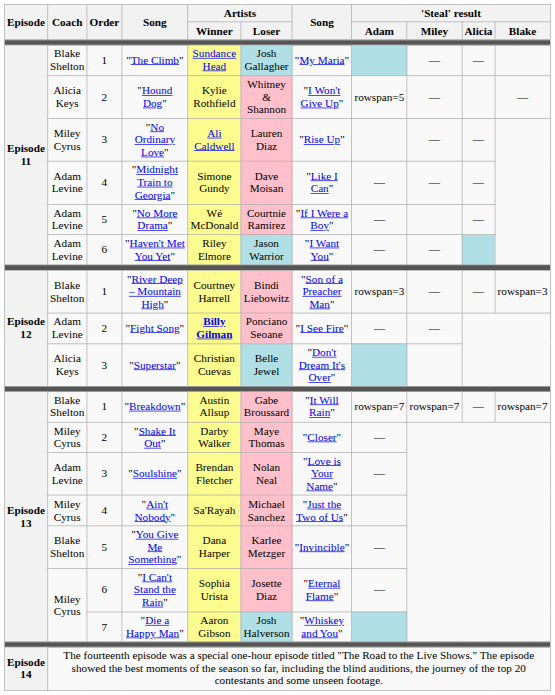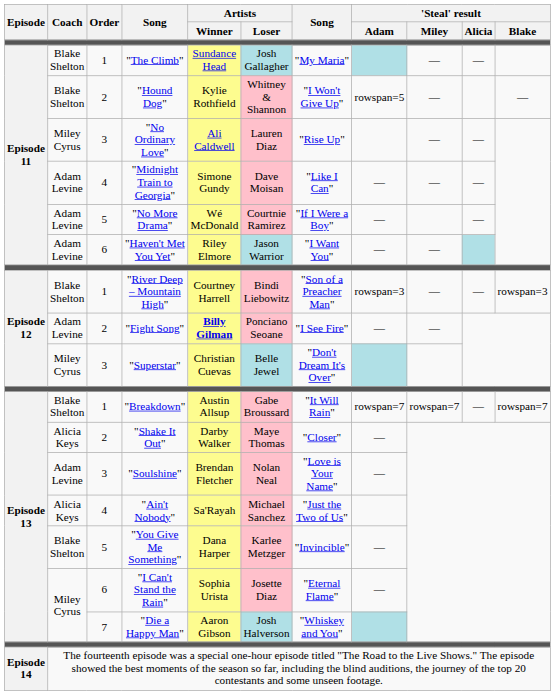 <table class="wikitable" style="text-align: center; width:100%;">
 <tr>
 <th rowspan="2" style="width:13%;">Episode</th>
 <th rowspan="2" style="width:14%;">Coach</th>
 <th rowspan="2" style="width:05%;">Order</th>
 <th rowspan="2" style="width:18%;">Song</th>
 <th colspan="2" style="width:22%;">Artists</th>
 <th rowspan="2" style="width:19%;">Song</th>
 <th colspan="4" style="width:20%;">'Steal' result</th>
 </tr>
 <tr>
 <th style="width:12%;">Winner</th>
 <th style="width:12%;">Loser</th>
 <th style="width:05%;">Adam</th>
 <th style="width:05%;">Miley</th>
 <th style="width:05%;">Alicia</th>
 <th style="width:05%;">Blake</th>
 </tr>
 <tr>
 <td colspan="11" style="background:#555;"></td>
 </tr>
 <tr>
 <th rowspan="6">Episode 11 <br><small></small></th>
 <td>Blake Shelton</td>
 <td>1</td>
 <td>"<a href='#'>The Climb</a>"</td>
 <td style="background:#fdfc8f;"><a href='#'>Sundance Head</a></td>
 <td style="background:#B0E0E6;">Josh Gallagher</td>
 <td>"<a href='#'>My Maria</a>"</td>
 <td style="background:#B0E0E6;"><strong></strong></td>
 <td>—</td>
 <td>—</td>
 <td></td>
 </tr>
 <tr>
-<td>Alicia Keys</td>
+<td>Blake Shelton</td>
 <td>2</td>
 <td>"<a href='#'>Hound Dog</a>"</td>
 <td style="background:#fdfc8f;">Kylie Rothfield</td>
 <td style="background:pink;">Whitney & Shannon</td>
 <td>"<a href='#'>I Won't Give Up</a>"</td>
 <td>rowspan=5 </td>
 <td>—</td>
 <td></td>
 <td>—</td>
 </tr>
 <tr>
 <td>Miley Cyrus</td>
 <td>3</td>
 <td>"<a href='#'>No Ordinary Love</a>"</td>
 <td style="background:#fdfc8f;"><a href='#'>Ali Caldwell</a></td>
 <td style="background:pink;">Lauren Diaz</td>
 <td>"<a href='#'>Rise Up</a>"</td>
 <td></td>
 <td>—</td>
 <td>—</td>
 </tr>
 <tr>
 <td>Adam Levine</td>
 <td>4</td>
 <td>"<a href='#'>Midnight Train to Georgia</a>"</td>
 <td style="background:#fdfc8f;">Simone Gundy</td>
 <td style="background:pink;">Dave Moisan</td>
 <td>"<a href='#'>Like I Can</a>"</td>
 <td>—</td>
 <td>—</td>
 <td>—</td>
 </tr>
 <tr>
 <td>Adam Levine</td>
 <td>5</td>
 <td>"<a href='#'>No More Drama</a>"</td>
 <td style="background:#fdfc8f;">Wé McDonald</td>
 <td style="background:pink;">Courtnie Ramirez</td>
 <td>"<a href='#'>If I Were a Boy</a>"</td>
 <td>—</td>
 <td></td>
 <td>—</td>
 </tr>
 <tr>
 <td>Adam Levine</td>
 <td>6</td>
 <td>"<a href='#'>Haven't Met You Yet</a>"</td>
 <td style="background:#fdfc8f;">Riley Elmore</td>
 <td style="background:#B0E0E6;">Jason Warrior</td>
 <td>"<a href='#'>I Want You</a>"</td>
 <td>—</td>
 <td>—</td>
 <td style="background:#B0E0E6;"><strong></strong></td>
 </tr>
 <tr>
 <td colspan="11" style="background:#555;"></td>
 </tr>
 <tr>
 <th rowspan="3">Episode 12 <br><small></small></th>
 <td>Blake Shelton</td>
 <td>1</td>
 <td>"<a href='#'>River Deep – Mountain High</a>"</td>
 <td style="background:#fdfc8f;">Courtney Harrell</td>
 <td style="background:pink;">Bindi Liebowitz</td>
 <td>"<a href='#'>Son of a Preacher Man</a>"</td>
 <td>rowspan=3 </td>
 <td>—</td>
 <td>—</td>
 <td>rowspan=3 </td>
 </tr>
 <tr>
 <td>Adam Levine</td>
 <td>2</td>
 <td>"<a href='#'>Fight Song</a>"</td>
 <td style="background:#fdfc8f;"><strong><a href='#'>Billy Gilman</a></strong></td>
 <td style="background:pink;">Ponciano Seoane</td>
 <td>"<a href='#'>I See Fire</a>"</td>
 <td>—</td>
 <td>—</td>
 </tr>
 <tr>
-<td>Alicia Keys</td>
+<td>Miley Cyrus</td>
 <td>3</td>
 <td>"<a href='#'>Superstar</a>"</td>
 <td style="background:#fdfc8f;">Christian Cuevas</td>
 <td style="background:#B0E0E6;">Belle Jewel</td>
 <td>"<a href='#'>Don't Dream It's Over</a>"</td>
 <td style="background:#B0E0E6;"><strong></strong></td>
 <td></td>
 </tr>
 <tr>
 <td colspan="11" style="background:#555;"></td>
 </tr>
 <tr>
 <th rowspan="7">Episode 13 <br><small></small></th>
 <td>Blake Shelton</td>
 <td>1</td>
 <td>"<a href='#'>Breakdown</a>"</td>
 <td style="background:#fdfc8f;">Austin Allsup</td>
 <td style="background:pink;">Gabe Broussard</td>
 <td>"<a href='#'>It Will Rain</a>"</td>
 <td>rowspan=7 </td>
 <td>rowspan=7 </td>
 <td>—</td>
 <td>rowspan=7 </td>
 </tr>
 <tr>
-<td>Miley Cyrus</td>
+<td>Alicia Keys</td>
 <td>2</td>
 <td>"<a href='#'>Shake It Out</a>"</td>
 <td style="background:#fdfc8f;">Darby Walker</td>
 <td style="background:pink;">Maye Thomas</td>
 <td>"<a href='#'>Closer</a>"</td>
 <td>—</td>
 </tr>
 <tr>
 <td>Adam Levine</td>
 <td>3</td>
 <td>"<a href='#'>Soulshine</a>"</td>
 <td style="background:#fdfc8f;">Brendan Fletcher</td>
 <td style="background:pink;">Nolan Neal</td>
 <td>"<a href='#'>Love is Your Name</a>"</td>
 <td>—</td>
 </tr>
 <tr>
-<td>Miley Cyrus</td>
+<td>Alicia Keys</td>
 <td>4</td>
 <td>"<a href='#'>Ain't Nobody</a>"</td>
 <td style="background:#fdfc8f;">Sa'Rayah</td>
 <td style="background:pink;">Michael Sanchez</td>
 <td>"<a href='#'>Just the Two of Us</a>"</td>
 <td></td>
 </tr>
 <tr>
 <td>Blake Shelton</td>
 <td>5</td>
 <td>"<a href='#'>You Give Me Something</a>"</td>
 <td style="background:#fdfc8f;">Dana Harper</td>
 <td style="background:pink;">Karlee Metzger</td>
 <td>"<a href='#'>Invincible</a>"</td>
 <td>—</td>
 </tr>
 <tr>
 <td rowspan=2>Miley Cyrus</td>
 <td>6</td>
 <td>"<a href='#'>I Can't Stand the Rain</a>"</td>
 <td style="background:#fdfc8f;">Sophia Urista</td>
 <td style="background:pink;">Josette Diaz</td>
 <td>"<a href='#'>Eternal Flame</a>"</td>
 <td>—</td>
 </tr>
 <tr>
 <td>7</td>
 <td>"<a href='#'>Die a Happy Man</a>"</td>
 <td style="background:#fdfc8f;">Aaron Gibson</td>
 <td style="background:#B0E0E6;">Josh Halverson</td>
 <td>"<a href='#'>Whiskey and You</a>"</td>
 <td style="background:#B0E0E6;"><strong></strong></td>
 </tr>
 <tr>
 <td colspan="11" style="background:#555;"></td>
 </tr>
 <tr>
 <th>Episode 14<br><small></small></th>
 <td colspan="10">The fourteenth episode was a special one-hour episode titled "The Road to the Live Shows." The episode showed the best moments of the season so far, including the blind auditions, the journey of the top 20 contestants and some unseen footage.</td>
 </tr>
 </table>
